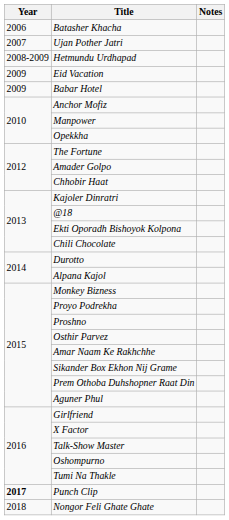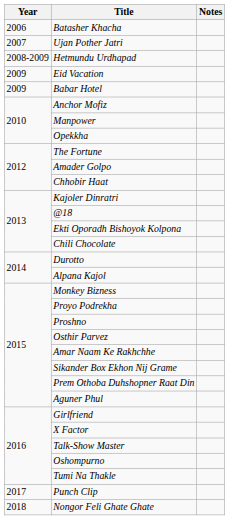 <table class="wikitable">
 <tr>
 <th>Year</th>
 <th>Title</th>
 <th>Notes</th>
 </tr>
 <tr>
 <td>2006</td>
 <td><em>Batasher Khacha</em></td>
 <td></td>
 </tr>
 <tr>
 <td>2007</td>
 <td><em>Ujan Pother Jatri</em></td>
 <td></td>
 </tr>
 <tr>
 <td>2008-2009</td>
 <td><em>Hetmundu Urdhapad</em></td>
 <td></td>
 </tr>
 <tr>
 <td>2009</td>
 <td><em>Eid Vacation</em></td>
 <td></td>
 </tr>
 <tr>
 <td>2009</td>
 <td><em>Babar Hotel</em></td>
 <td></td>
 </tr>
 <tr>
 <td rowspan="3">2010</td>
 <td><em>Anchor Mofiz</em></td>
 <td></td>
 </tr>
 <tr>
 <td><em>Manpower</em></td>
 <td></td>
 </tr>
 <tr>
 <td><em>Opekkha</em></td>
 <td></td>
 </tr>
 <tr>
 <td rowspan="3">2012</td>
 <td><em>The Fortune</em></td>
 <td></td>
 </tr>
 <tr>
 <td><em>Amader Golpo</em></td>
 <td></td>
 </tr>
 <tr>
 <td><em>Chhobir Haat</em></td>
 <td></td>
 </tr>
 <tr>
 <td rowspan="4">2013</td>
 <td><em>Kajoler Dinratri</em></td>
 <td></td>
 </tr>
 <tr>
 <td><em>@18</em></td>
 <td></td>
 </tr>
 <tr>
 <td><em>Ekti Oporadh Bishoyok Kolpona</em></td>
 <td></td>
 </tr>
 <tr>
 <td><em>Chili Chocolate</em></td>
 <td></td>
 </tr>
 <tr>
 <td rowspan="2">2014</td>
 <td><em>Durotto</em></td>
 <td></td>
 </tr>
 <tr>
 <td><em>Alpana Kajol</em></td>
 <td></td>
 </tr>
 <tr>
 <td rowspan="8">2015</td>
 <td><em>Monkey Bizness</em></td>
 <td></td>
 </tr>
 <tr>
 <td><em>Proyo Podrekha</em></td>
 <td></td>
 </tr>
 <tr>
 <td><em>Proshno</em></td>
 <td></td>
 </tr>
 <tr>
 <td><em>Osthir Parvez</em></td>
 <td></td>
 </tr>
 <tr>
 <td><em>Amar Naam Ke Rakhchhe</em></td>
 <td></td>
 </tr>
 <tr>
 <td><em>Sikander Box Ekhon Nij Grame</em></td>
 <td></td>
 </tr>
 <tr>
 <td><em>Prem Othoba Duhshopner Raat Din</em></td>
 <td></td>
 </tr>
 <tr>
 <td><em>Aguner Phul</em></td>
 <td></td>
 </tr>
 <tr>
 <td rowspan="5">2016</td>
 <td><em>Girlfriend</em></td>
 <td></td>
 </tr>
 <tr>
 <td><em>X Factor</em></td>
 <td></td>
 </tr>
 <tr>
 <td><em>Talk-Show Master</em></td>
 <td></td>
 </tr>
 <tr>
 <td><em>Oshompurno</em></td>
 <td></td>
 </tr>
 <tr>
 <td><em>Tumi Na Thakle</em></td>
 <td></td>
 </tr>
 <tr>
-<td><strong>2017</strong></td>
+<td>2017</td>
 <td><em>Punch Clip</em></td>
 <td></td>
 </tr>
 <tr>
 <td>2018</td>
 <td><em>Nongor Feli Ghate Ghate</em></td>
 <td></td>
 </tr>
 </table>
